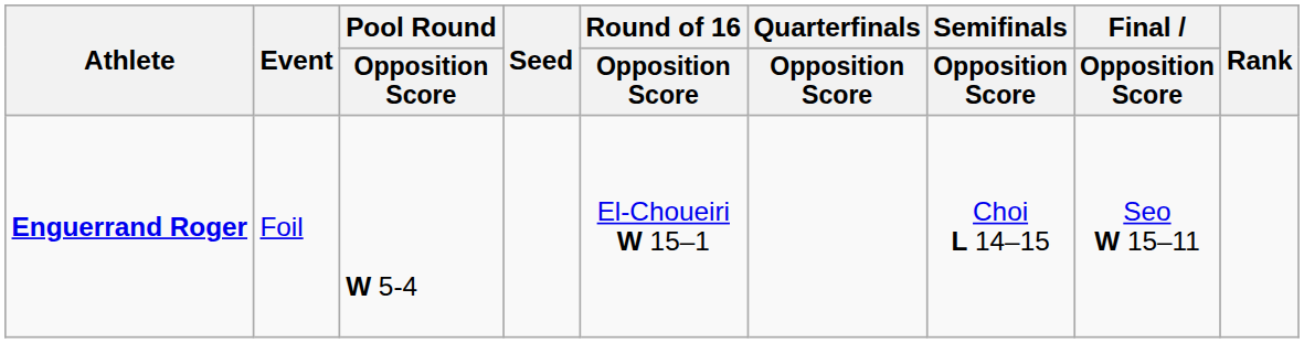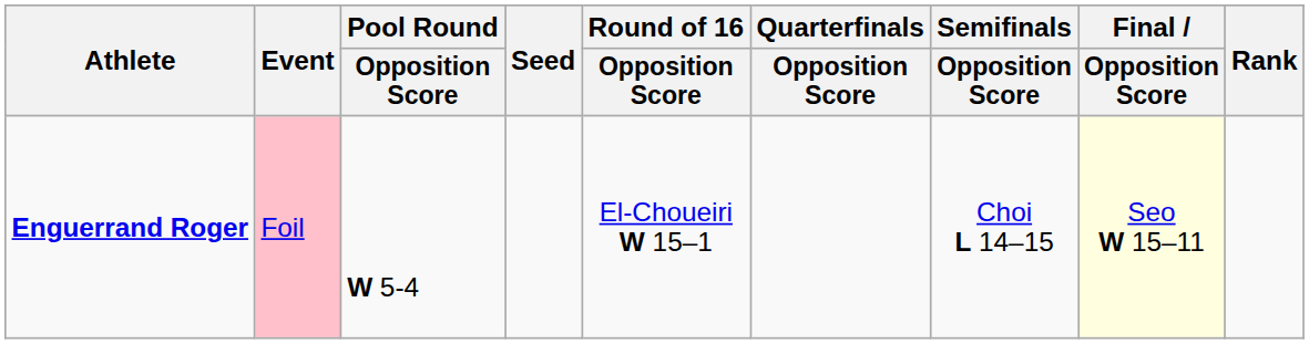 <table class=wikitable style="font-size:90%">
 <tr>
 <th rowspan="2">Athlete</th>
 <th rowspan="2">Event</th>
 <th>Pool Round</th>
 <th rowspan="2">Seed</th>
 <th>Round of 16</th>
 <th>Quarterfinals</th>
 <th>Semifinals</th>
 <th>Final / </th>
 <th rowspan=2>Rank</th>
 </tr>
 <tr style="font-size:95%">
 <th>Opposition<br>Score</th>
 <th>Opposition<br>Score</th>
 <th>Opposition<br>Score</th>
 <th>Opposition<br>Score</th>
 <th>Opposition<br>Score</th>
 </tr>
 <tr align=center>
 <td align=left><strong><a href='#'>Enguerrand Roger</a></strong></td>
-<td align=left><a href='#'>Foil</a></td>
+<td align=left style="background: pink;"><a href='#'>Foil</a></td>
 <td align=left><br><br><br><br><br><strong>W</strong> 5-4<br><br></td>
 <td></td>
 <td> <a href='#'>El-Choueiri</a><br><strong>W</strong> 15–1</td>
 <td></td>
 <td> <a href='#'>Choi</a><br><strong>L</strong> 14–15</td>
-<td> <a href='#'>Seo</a><br><strong>W</strong> 15–11</td>
+<td style="background: lightyellow;"> <a href='#'>Seo</a><br><strong>W</strong> 15–11</td>
 <td></td>
 </tr>
 </table>
